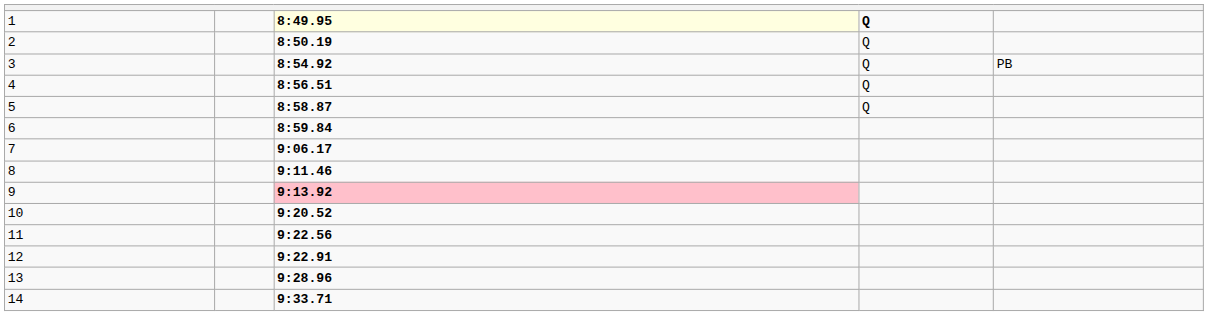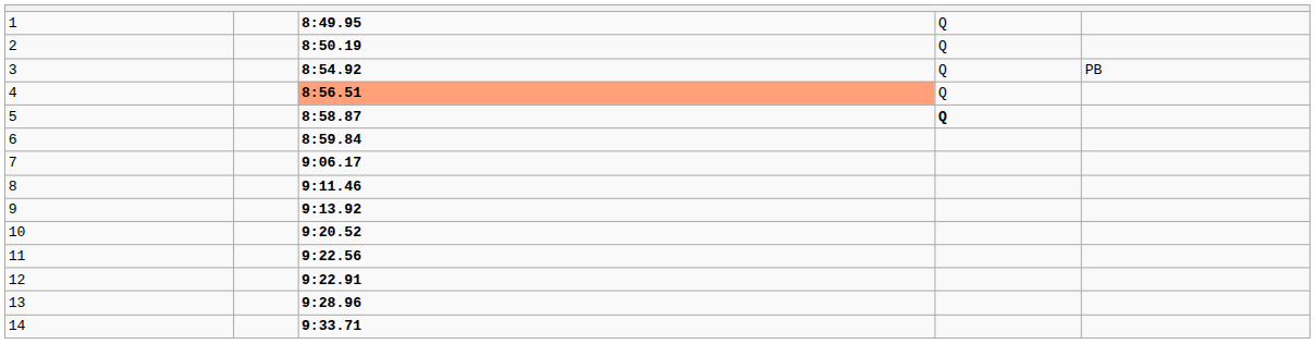 <table class="wikitable" width=75%>
 <tr>
 <th colspan="5"></th>
 </tr>
 <tr>
 <td>1</td>
 <td></td>
-<td style="background: lightyellow;"><strong>8:49.95</strong></td>
-<td><strong>Q</strong></td>
+<td><strong>8:49.95</strong></td>
+<td>Q</td>
 <td></td>
 </tr>
 <tr>
 <td>2</td>
 <td></td>
 <td><strong>8:50.19</strong></td>
 <td>Q</td>
 <td></td>
 </tr>
 <tr>
 <td>3</td>
 <td></td>
 <td><strong>8:54.92</strong></td>
 <td>Q</td>
 <td>PB</td>
 </tr>
 <tr>
 <td>4</td>
 <td></td>
-<td><strong>8:56.51</strong></td>
+<td style="background: lightsalmon;"><strong>8:56.51</strong></td>
 <td>Q</td>
 <td></td>
 </tr>
 <tr>
 <td>5</td>
 <td></td>
 <td><strong>8:58.87</strong></td>
-<td>Q</td>
+<td><strong>Q</strong></td>
 <td></td>
 </tr>
 <tr>
 <td>6</td>
 <td></td>
 <td><strong>8:59.84</strong></td>
 <td></td>
 <td></td>
 </tr>
 <tr>
 <td>7</td>
 <td></td>
 <td><strong>9:06.17</strong></td>
 <td></td>
 <td></td>
 </tr>
 <tr>
 <td>8</td>
 <td></td>
 <td><strong>9:11.46</strong></td>
 <td></td>
 <td></td>
 </tr>
 <tr>
 <td>9</td>
 <td></td>
-<td style="background: pink;"><strong>9:13.92</strong></td>
+<td><strong>9:13.92</strong></td>
 <td></td>
 <td></td>
 </tr>
 <tr>
 <td>10</td>
 <td></td>
 <td><strong>9:20.52</strong></td>
 <td></td>
 <td></td>
 </tr>
 <tr>
 <td>11</td>
 <td></td>
 <td><strong>9:22.56</strong></td>
 <td></td>
 <td></td>
 </tr>
 <tr>
 <td>12</td>
 <td></td>
 <td><strong>9:22.91</strong></td>
 <td></td>
 <td></td>
 </tr>
 <tr>
 <td>13</td>
 <td></td>
 <td><strong>9:28.96</strong></td>
 <td></td>
 <td></td>
 </tr>
 <tr>
 <td>14</td>
 <td></td>
 <td><strong>9:33.71</strong></td>
 <td></td>
 <td></td>
 </tr>
 </table>
